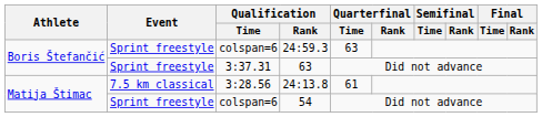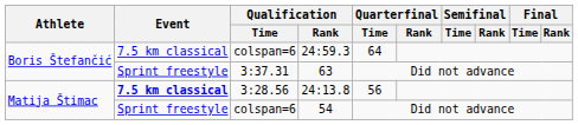 <table class="wikitable" style="font-size:90%">
 <tr>
 <th rowspan="2">Athlete</th>
 <th rowspan="2">Event</th>
 <th colspan="2">Qualification</th>
 <th colspan="2">Quarterfinal</th>
 <th colspan="2">Semifinal</th>
 <th colspan="2">Final</th>
 </tr>
 <tr style="font-size:95%">
 <th>Time</th>
 <th>Rank</th>
 <th>Time</th>
 <th>Rank</th>
 <th>Time</th>
 <th>Rank</th>
 <th>Time</th>
 <th>Rank</th>
 </tr>
 <tr align=center>
 <td align=left rowspan=2><a href='#'>Boris Štefančić</a></td>
-<td align=left><a href='#'>Sprint freestyle</a></td>
+<td align=left><a href='#'>7.5 km classical</a></td>
 <td>colspan=6</td>
 <td>24:59.3</td>
-<td>63</td>
+<td>64</td>
 </tr>
 <tr align=center>
 <td align=left><a href='#'>Sprint freestyle</a></td>
 <td>3:37.31</td>
 <td>63</td>
 <td colspan=6>Did not advance</td>
 </tr>
 <tr align=center>
 <td align=left rowspan=2><a href='#'>Matija Štimac</a></td>
-<td align=left><a href='#'>7.5 km classical</a></td>
+<td align=left><strong><a href='#'>7.5 km classical</a></strong></td>
 <td>3:28.56</td>
 <td>24:13.8</td>
-<td>61</td>
+<td>56</td>
 </tr>
 <tr align=center>
 <td align=left><a href='#'>Sprint freestyle</a></td>
 <td>colspan=6</td>
 <td>54</td>
 <td colspan=6>Did not advance</td>
 </tr>
 </table>
